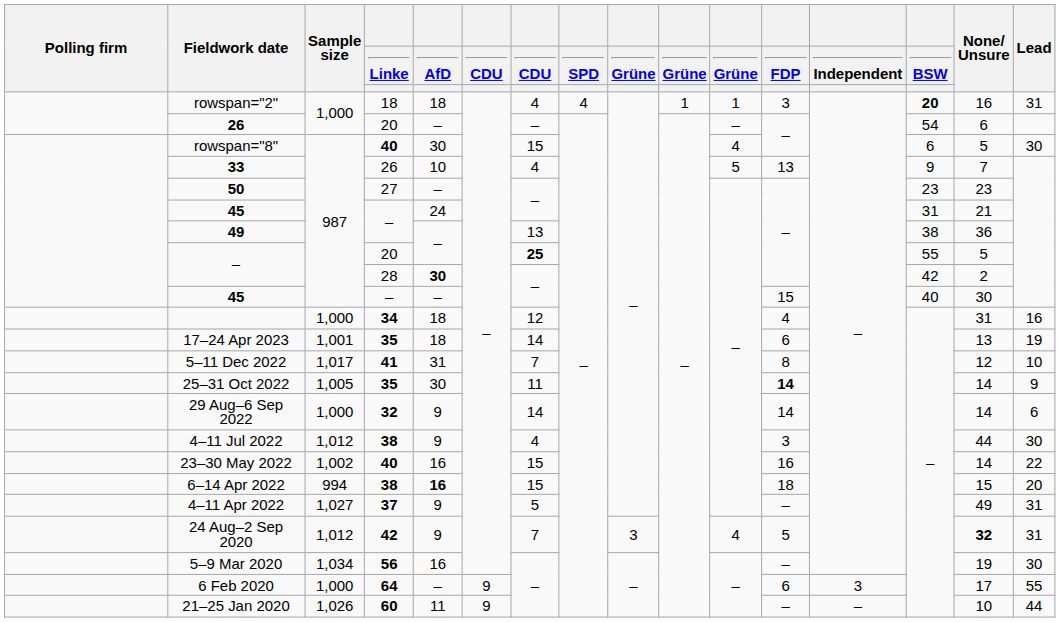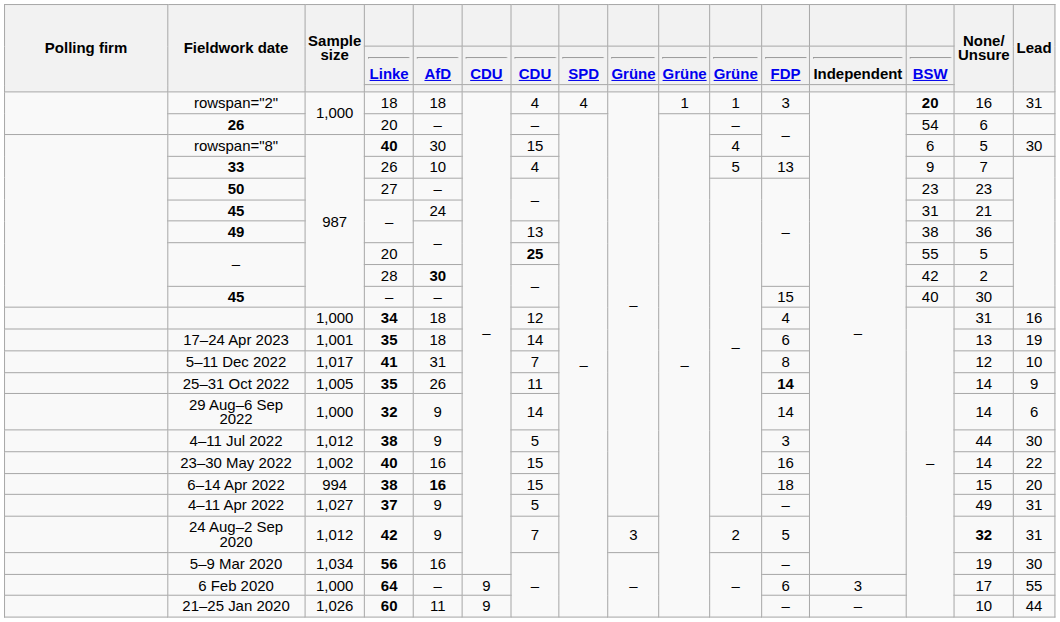 <table class="wikitable sortable" style="text-align:center;font-size:90%;line-height:14px;">
 <tr style="height:40px;">
 <th style="width:150px;" rowspan="3">Polling firm</th>
 <th style="width:125px;" rowspan="3">Fieldwork date</th>
 <th style="width:35px;" rowspan="3">Sample<br>size</th>
 <th class="unsortable" style="width:40px;"></th>
 <th class="unsortable" style="width:40px;"></th>
 <th class="unsortable" style="width:40px;"></th>
 <th class="unsortable" style="width:40px;"></th>
 <th class="unsortable" style="width:40px;"></th>
 <th class="unsortable" style="width:40px;"></th>
 <th class="unsortable" style="width:40px;"></th>
 <th class="unsortable" style="width:40px;"></th>
 <th class="unsortable" style="width:40px;"></th>
 <th class="unsortable" style="width:40px;"></th>
 <th class="unsortable" style="width:40px;"></th>
 <th class="unsortable" style="width:40px;" rowspan="3">None/<br>Unsure</th>
 <th style="width:30px;" rowspan="3">Lead</th>
 </tr>
 <tr>
 <th class="unsortable" style="width:40px;"><hr><a href='#'>Linke</a></th>
 <th class="unsortable" style="width:40px;"><hr><a href='#'>AfD</a></th>
 <th class="unsortable" style="width:40px;"><hr><a href='#'>CDU</a></th>
 <th class="unsortable" style="width:40px;"><hr><a href='#'>CDU</a></th>
 <th class="unsortable" style="width:40px;"><hr><a href='#'>SPD</a></th>
 <th class="unsortable" style="width:40px;"><hr><a href='#'>Grüne</a></th>
 <th class="unsortable" style="width:40px;"><hr><a href='#'>Grüne</a></th>
 <th class="unsortable" style="width:40px;"><hr><a href='#'>Grüne</a></th>
 <th class="unsortable" style="width:40px;"><hr><a href='#'>FDP</a></th>
 <th class="unsortable" style="width:40px;"><hr>Independent</th>
 <th class="unsortable" style="width:40px;"><hr><a href='#'>BSW</a></th>
 </tr>
 <tr>
 <th style="background:"></th>
 <th style="background:"></th>
 <th style="background:"></th>
 <th style="background:"></th>
 <th style="background:"></th>
 <th style="background:"></th>
 <th style="background:"></th>
 <th style="background:"></th>
 <th style="background:"></th>
 <th style="background:"></th>
 <th style="background:"></th>
 </tr>
 <tr>
 <td rowspan="2"></td>
 <td>rowspan="2" </td>
 <td rowspan="2">1,000</td>
 <td>18</td>
 <td>18</td>
 <td rowspan="21">–</td>
 <td>4</td>
 <td>4</td>
 <td rowspan="19">–</td>
 <td>1</td>
 <td>1</td>
 <td>3</td>
 <td rowspan="21">–</td>
 <td><strong>20</strong></td>
 <td>16</td>
 <td style="background:">31</td>
 </tr>
 <tr>
 <td><strong>26</strong></td>
 <td>20</td>
 <td>–</td>
 <td>–</td>
 <td rowspan="23">–</td>
 <td rowspan="23">–</td>
 <td>–</td>
 <td rowspan="2">–</td>
 <td>54</td>
 <td style="background:">6</td>
 </tr>
 <tr>
 <td rowspan="8"></td>
 <td>rowspan="8" </td>
 <td rowspan="8">987</td>
 <td><strong>40</strong></td>
 <td>30</td>
 <td>15</td>
 <td>4</td>
 <td>6</td>
 <td>5</td>
 <td style="background:">30</td>
 </tr>
 <tr>
 <td><strong>33</strong></td>
 <td>26</td>
 <td>10</td>
 <td>4</td>
 <td>5</td>
 <td>13</td>
 <td>9</td>
 <td style="background:">7</td>
 </tr>
 <tr>
 <td><strong>50</strong></td>
 <td>27</td>
 <td>–</td>
 <td rowspan="2">–</td>
 <td rowspan="15">–</td>
 <td rowspan="5">–</td>
 <td>23</td>
 <td style="background:">23</td>
 </tr>
 <tr>
 <td><strong>45</strong></td>
 <td rowspan="2">–</td>
 <td>24</td>
 <td>31</td>
 <td style="background:">21</td>
 </tr>
 <tr>
 <td><strong>49</strong></td>
 <td rowspan="2">–</td>
 <td>13</td>
 <td>38</td>
 <td style="background:">36</td>
 </tr>
 <tr>
 <td rowspan="2">–</td>
 <td>20</td>
 <td><strong>25</strong></td>
 <td>55</td>
 <td style="background:">5</td>
 </tr>
 <tr>
 <td>28</td>
 <td><strong>30</strong></td>
 <td rowspan="2">–</td>
 <td>42</td>
 <td style="background:">2</td>
 </tr>
 <tr>
 <td><strong>45</strong></td>
 <td>–</td>
 <td>–</td>
 <td>15</td>
 <td>40</td>
 <td style="background:">30</td>
 </tr>
 <tr>
 <td></td>
 <td></td>
 <td>1,000</td>
 <td><strong>34</strong></td>
 <td>18</td>
 <td>12</td>
 <td>4</td>
 <td rowspan="13">–</td>
 <td>31</td>
 <td style="background:">16</td>
 </tr>
 <tr>
 <td></td>
 <td data-sort-value="2023-04-24">17–24 Apr 2023</td>
 <td>1,001</td>
 <td><strong>35</strong></td>
 <td>18</td>
 <td>14</td>
 <td>6</td>
 <td>13</td>
 <td style="background:">19</td>
 </tr>
 <tr>
 <td></td>
 <td data-sort-value="2022-12-11">5–11 Dec 2022</td>
 <td>1,017</td>
 <td><strong>41</strong></td>
 <td>31</td>
 <td>7</td>
 <td>8</td>
 <td>12</td>
 <td style="background:">10</td>
 </tr>
 <tr>
 <td></td>
 <td data-sort-value="2022-10-31">25–31 Oct 2022</td>
 <td>1,005</td>
 <td><strong>35</strong></td>
-<td>30</td>
+<td>26</td>
 <td>11</td>
 <td><strong>14</strong></td>
 <td>14</td>
 <td style="background:">9</td>
 </tr>
 <tr>
 <td></td>
 <td>29 Aug–6 Sep 2022</td>
 <td>1,000</td>
 <td><strong>32</strong></td>
 <td>9</td>
 <td>14</td>
 <td>14</td>
 <td>14</td>
 <td style="background:">6</td>
 </tr>
 <tr>
 <td></td>
 <td data-sort-value="2022-07-11">4–11 Jul 2022</td>
 <td>1,012</td>
 <td><strong>38</strong></td>
 <td>9</td>
-<td>4</td>
+<td>5</td>
 <td>3</td>
 <td>44</td>
 <td style="background:">30</td>
 </tr>
 <tr>
 <td></td>
 <td data-sort-value="2022-05-30">23–30 May 2022</td>
 <td>1,002</td>
 <td><strong>40</strong></td>
 <td>16</td>
 <td>15</td>
 <td>16</td>
 <td>14</td>
 <td style="background:">22</td>
 </tr>
 <tr>
 <td></td>
 <td data-sort-value="2022-04-14">6–14 Apr 2022</td>
 <td>994</td>
 <td><strong>38</strong></td>
 <td><strong>16</strong></td>
 <td>15</td>
 <td>18</td>
 <td>15</td>
 <td style="background:">20</td>
 </tr>
 <tr>
 <td></td>
 <td data-sort-value="2022-04-11">4–11 Apr 2022</td>
 <td>1,027</td>
 <td><strong>37</strong></td>
 <td>9</td>
 <td>5</td>
 <td>–</td>
 <td>49</td>
 <td style="background:">31</td>
 </tr>
 <tr>
 <td></td>
 <td data-sort-value="2020-09-04">24 Aug–2 Sep 2020</td>
 <td>1,012</td>
 <td><strong>42</strong></td>
 <td>9</td>
 <td>7</td>
 <td>3</td>
-<td>4</td>
+<td>2</td>
 <td>5</td>
 <td><strong>32</strong></td>
 <td style="background:">31</td>
 </tr>
 <tr>
 <td></td>
 <td data-sort-value="2020-03-12">5–9 Mar 2020</td>
 <td>1,034</td>
 <td><strong>56</strong></td>
 <td>16</td>
 <td rowspan=3>–</td>
 <td rowspan=3>–</td>
 <td rowspan=3>–</td>
 <td>–</td>
 <td>19</td>
 <td style="background:">30</td>
 </tr>
 <tr>
 <td></td>
 <td data-sort-value="2020-02-07">6 Feb 2020</td>
 <td>1,000</td>
 <td><strong>64</strong></td>
 <td>–</td>
 <td>9</td>
 <td>6</td>
 <td>3</td>
 <td>17</td>
 <td style="background:">55</td>
 </tr>
 <tr>
 <td></td>
 <td data-sort-value="2020-01-28">21–25 Jan 2020</td>
 <td>1,026</td>
 <td><strong>60</strong></td>
 <td>11</td>
 <td>9</td>
 <td>–</td>
 <td>–</td>
 <td>10</td>
 <td style="background:">44</td>
 </tr>
 </table>
